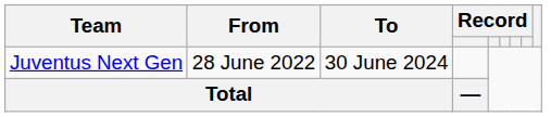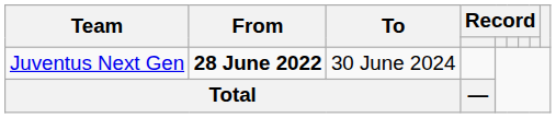 <table class="wikitable" style="text-align:center">
 <tr>
 <th rowspan="2">Team</th>
 <th rowspan="2">From</th>
 <th rowspan="2">To</th>
 <th colspan="5">Record</th>
 <th rowspan="2"></th>
 </tr>
 <tr>
 <th></th>
 <th></th>
 <th></th>
 <th></th>
 <th></th>
 </tr>
 <tr>
 <td align="left"><a href='#'>Juventus Next Gen</a></td>
-<td align="left">28 June 2022</td>
+<td align="left"><strong>28 June 2022</strong></td>
 <td align="left">30 June 2024<br></td>
 <td></td>
 </tr>
 <tr>
 <th colspan=3>Total<br></th>
 <th>—</th>
 </tr>
 </table>
